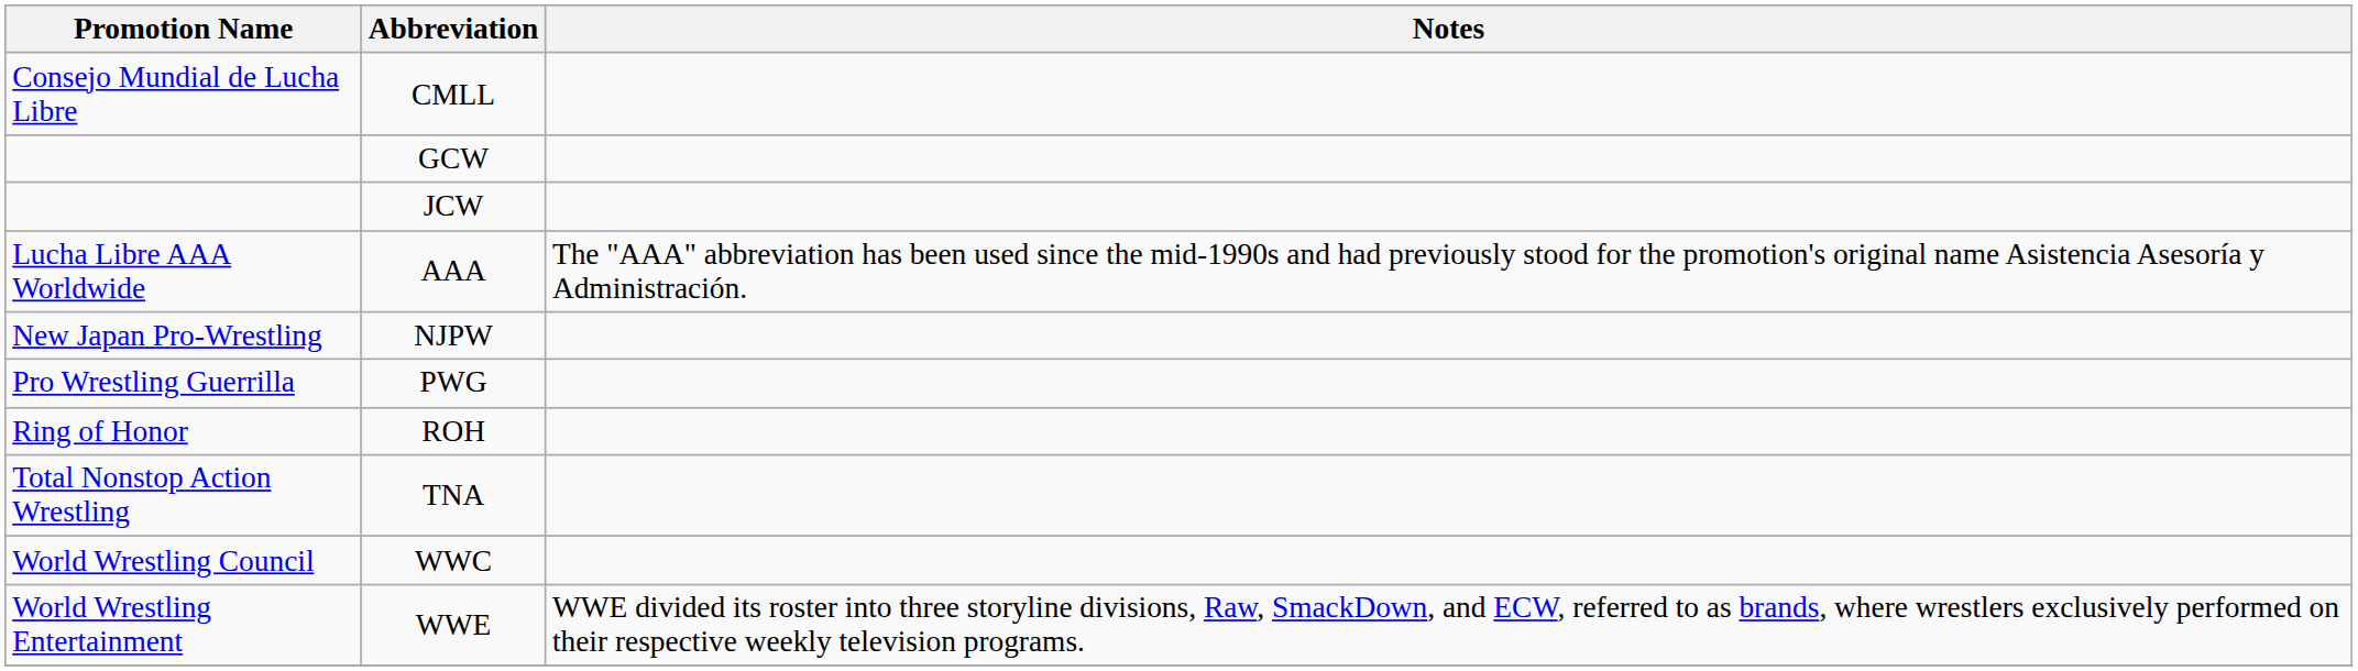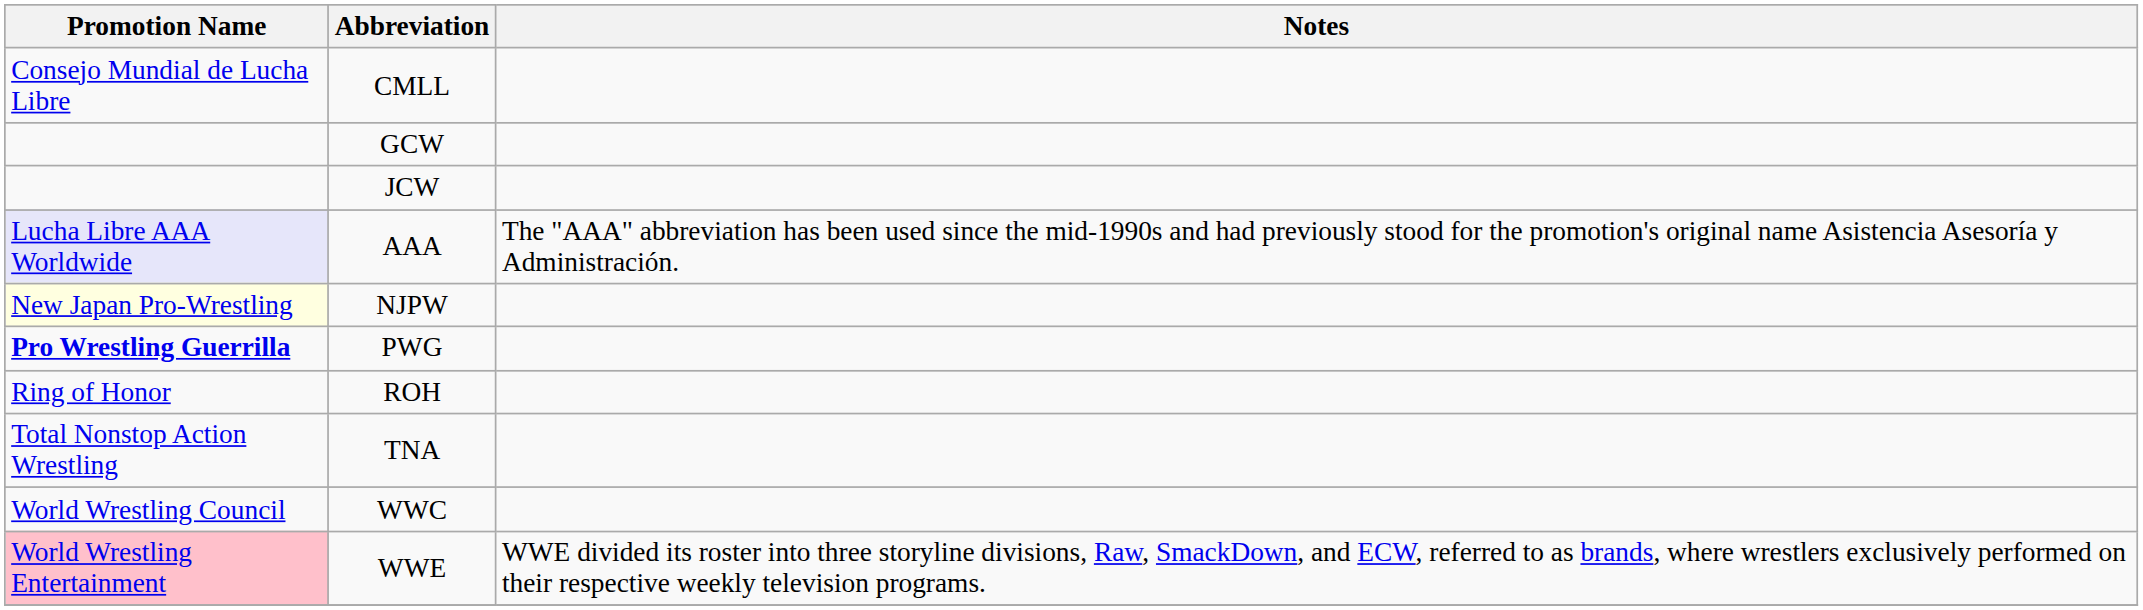 <table class="wikitable">
 <tr>
 <th>Promotion Name</th>
 <th>Abbreviation</th>
 <th>Notes</th>
 </tr>
 <tr>
 <td><a href='#'>Consejo Mundial de Lucha Libre</a></td>
 <td align=center>CMLL</td>
 <td></td>
 </tr>
 <tr>
 <td></td>
 <td align=center>GCW</td>
 <td></td>
 </tr>
 <tr>
 <td></td>
 <td align=center>JCW</td>
 <td></td>
 </tr>
 <tr>
-<td><a href='#'>Lucha Libre AAA Worldwide</a></td>
+<td style="background: lavender;"><a href='#'>Lucha Libre AAA Worldwide</a></td>
 <td align=center>AAA</td>
 <td>The "AAA" abbreviation has been used since the mid-1990s and had previously stood for the promotion's original name Asistencia Asesoría y Administración.</td>
 </tr>
 <tr>
-<td><a href='#'>New Japan Pro-Wrestling</a></td>
+<td style="background: lightyellow;"><a href='#'>New Japan Pro-Wrestling</a></td>
 <td align=center>NJPW</td>
 <td></td>
 </tr>
 <tr>
-<td><a href='#'>Pro Wrestling Guerrilla</a></td>
+<td><strong><a href='#'>Pro Wrestling Guerrilla</a></strong></td>
 <td align=center>PWG</td>
 <td></td>
 </tr>
 <tr>
 <td><a href='#'>Ring of Honor</a></td>
 <td align=center>ROH</td>
 <td></td>
 </tr>
 <tr>
 <td><a href='#'>Total Nonstop Action Wrestling</a></td>
 <td align=center>TNA</td>
 <td></td>
 </tr>
 <tr>
 <td><a href='#'>World Wrestling Council</a></td>
 <td align=center>WWC</td>
 <td></td>
 </tr>
 <tr>
-<td><a href='#'>World Wrestling Entertainment</a></td>
+<td style="background: pink;"><a href='#'>World Wrestling Entertainment</a></td>
 <td align=center>WWE</td>
 <td>WWE divided its roster into three storyline divisions, <a href='#'>Raw</a>, <a href='#'>SmackDown</a>, and <a href='#'>ECW</a>, referred to as <a href='#'>brands</a>, where wrestlers exclusively performed on their respective weekly television programs.</td>
 </tr>
 <tr>
 </tr>
 </table>
